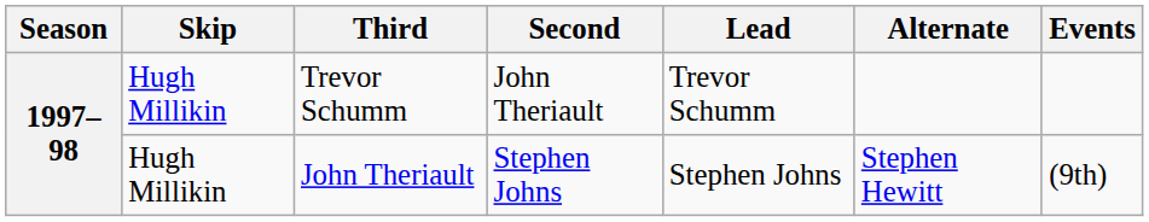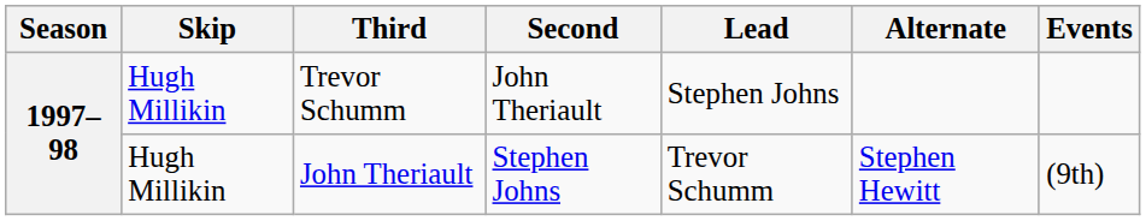 <table class="wikitable">
 <tr>
 <th scope="col">Season</th>
 <th scope="col">Skip</th>
 <th scope="col">Third</th>
 <th scope="col">Second</th>
 <th scope="col">Lead</th>
 <th scope="col">Alternate</th>
 <th scope="col">Events</th>
 </tr>
 <tr>
 <th scope="row" rowspan=2>1997–98</th>
 <td><a href='#'>Hugh Millikin</a></td>
 <td>Trevor Schumm</td>
 <td>John Theriault</td>
-<td>Trevor Schumm</td>
+<td>Stephen Johns</td>
 <td></td>
 <td> </td>
 </tr>
 <tr>
 <td>Hugh Millikin</td>
 <td><a href='#'>John Theriault</a></td>
 <td><a href='#'>Stephen Johns</a></td>
-<td>Stephen Johns</td>
+<td>Trevor Schumm</td>
 <td><a href='#'>Stephen Hewitt</a></td>
 <td> (9th)</td>
 </tr>
 </table>
